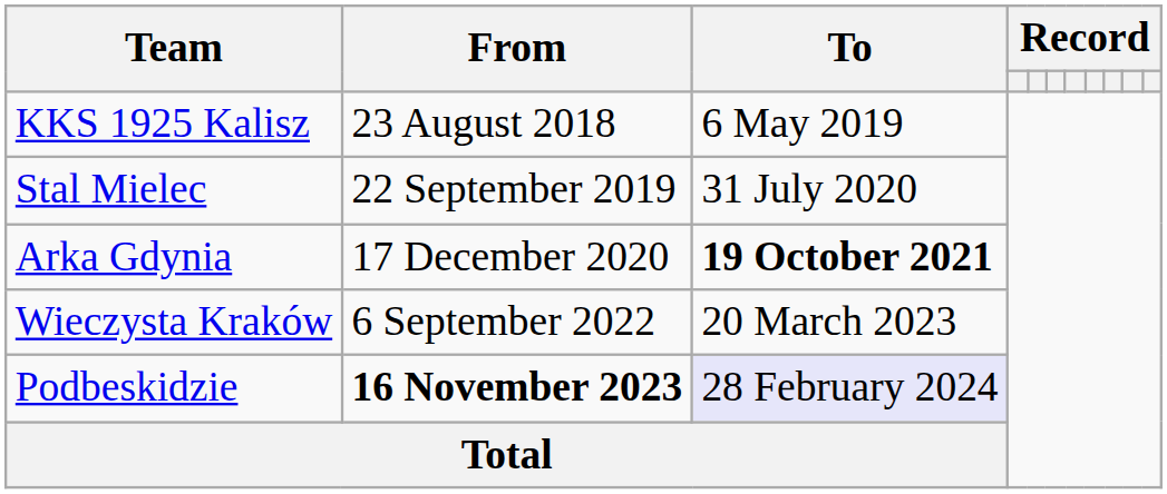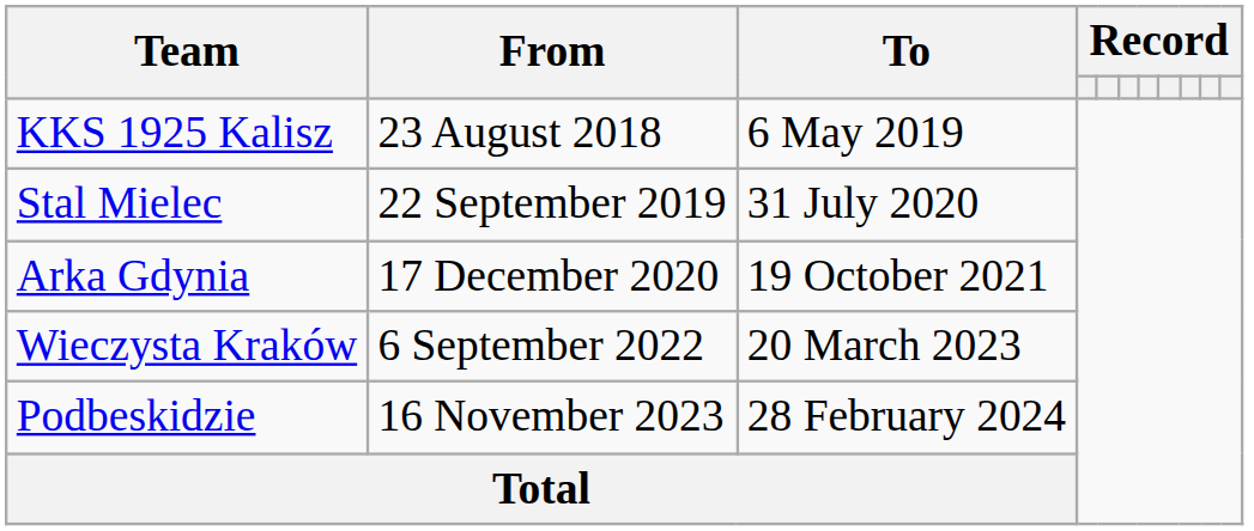 <table class="wikitable" style="text-align: center;">
 <tr>
 <th rowspan="2">Team</th>
 <th rowspan="2">From</th>
 <th rowspan="2">To</th>
 <th colspan="8">Record</th>
 </tr>
 <tr>
 <th></th>
 <th></th>
 <th></th>
 <th></th>
 <th></th>
 <th></th>
 <th></th>
 <th></th>
 </tr>
 <tr>
 <td align=left><a href='#'>KKS 1925 Kalisz</a></td>
 <td align=left>23 August 2018</td>
 <td align=left>6 May 2019<br></td>
 </tr>
 <tr>
 <td align=left><a href='#'>Stal Mielec</a></td>
 <td align=left>22 September 2019</td>
 <td align=left>31 July 2020<br></td>
 </tr>
 <tr>
 <td align=left><a href='#'>Arka Gdynia</a></td>
 <td align=left>17 December 2020</td>
-<td align=left><strong>19 October 2021<br></strong></td>
+<td align=left>19 October 2021<br></td>
 </tr>
 <tr>
 <td align=left><a href='#'>Wieczysta Kraków</a></td>
 <td align=left>6 September 2022</td>
 <td align=left>20 March 2023<br></td>
 </tr>
 <tr>
 <td align=left><a href='#'>Podbeskidzie</a></td>
-<td align=left><strong>16 November 2023</strong></td>
-<td align=left style="background: lavender;">28 February 2024<br></td>
+<td align=left>16 November 2023</td>
+<td align=left>28 February 2024<br></td>
 </tr>
 <tr>
 <th colspan="3">Total<br></th>
 </tr>
 </table>
